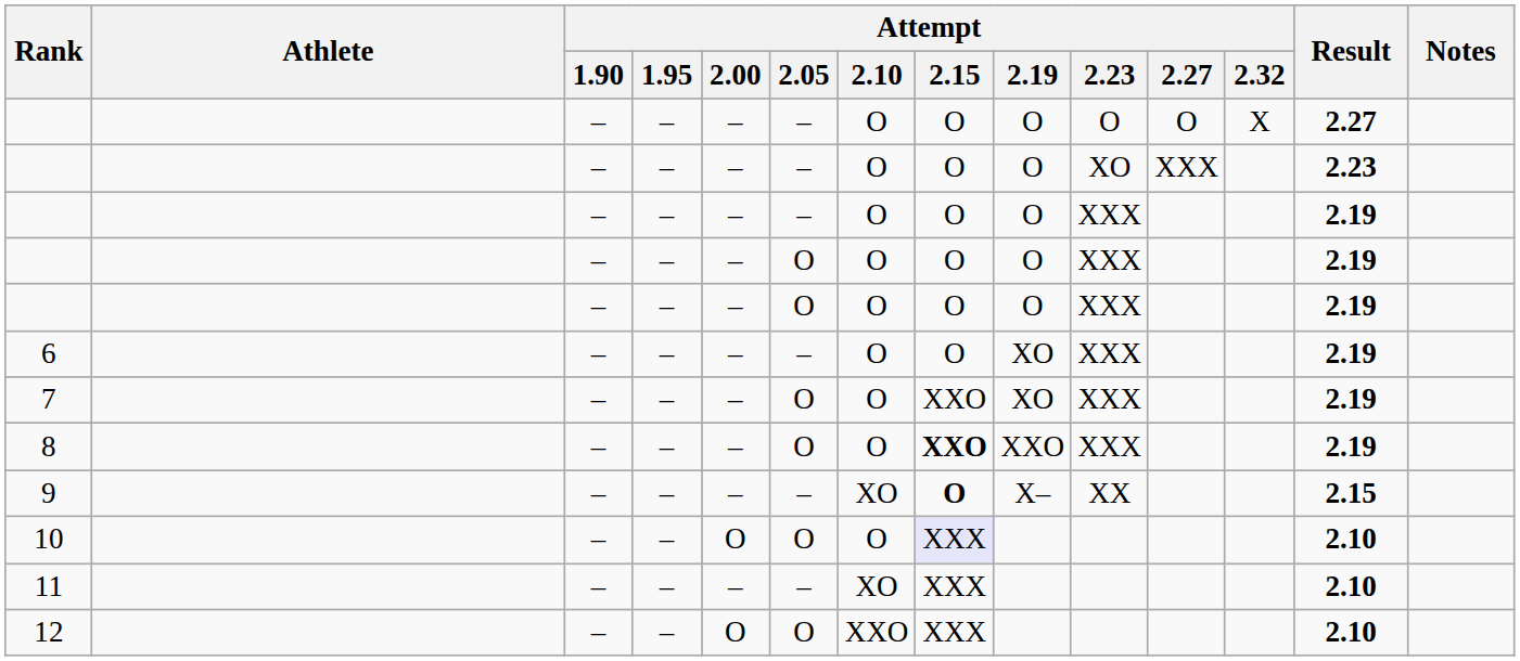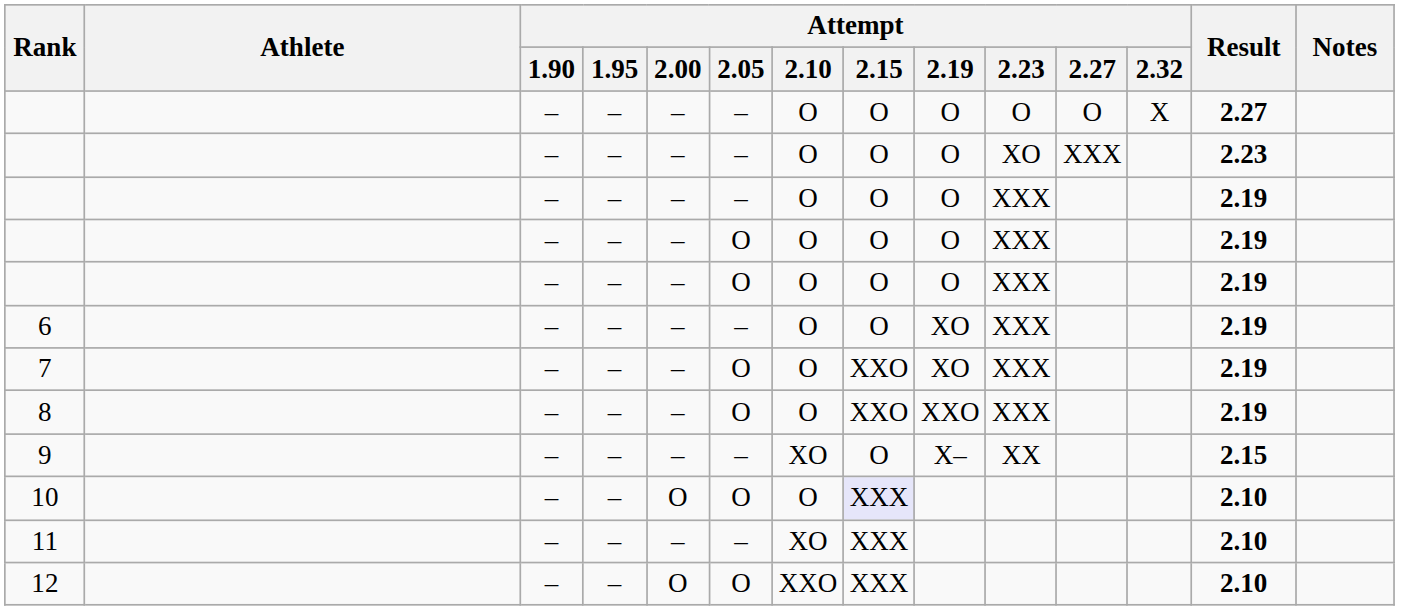 <table class="wikitable" style="text-align:center">
 <tr>
 <th rowspan=2 width=40>Rank</th>
 <th rowspan=2 width=250>Athlete</th>
 <th colspan=10>Attempt</th>
 <th rowspan=2 width=55>Result</th>
 <th rowspan=2 width=50>Notes</th>
 </tr>
 <tr>
 <th width=30>1.90</th>
 <th width=30>1.95</th>
 <th width=30>2.00</th>
 <th width=30>2.05</th>
 <th width=30>2.10</th>
 <th width=30>2.15</th>
 <th width=30>2.19</th>
 <th width=30>2.23</th>
 <th width=30>2.27</th>
 <th width=30>2.32</th>
 </tr>
 <tr>
 <td></td>
 <td align=left></td>
 <td>–</td>
 <td>–</td>
 <td>–</td>
 <td>–</td>
 <td>O</td>
 <td>O</td>
 <td>O</td>
 <td>O</td>
 <td>O</td>
 <td>X</td>
 <td><strong>2.27</strong></td>
 <td></td>
 </tr>
 <tr>
 <td></td>
 <td align=left></td>
 <td>–</td>
 <td>–</td>
 <td>–</td>
 <td>–</td>
 <td>O</td>
 <td>O</td>
 <td>O</td>
 <td>XO</td>
 <td>XXX</td>
 <td></td>
 <td><strong>2.23</strong></td>
 <td></td>
 </tr>
 <tr>
 <td></td>
 <td align=left></td>
 <td>–</td>
 <td>–</td>
 <td>–</td>
 <td>–</td>
 <td>O</td>
 <td>O</td>
 <td>O</td>
 <td>XXX</td>
 <td></td>
 <td></td>
 <td><strong>2.19</strong></td>
 <td></td>
 </tr>
 <tr>
 <td></td>
 <td align=left></td>
 <td>–</td>
 <td>–</td>
 <td>–</td>
 <td>O</td>
 <td>O</td>
 <td>O</td>
 <td>O</td>
 <td>XXX</td>
 <td></td>
 <td></td>
 <td><strong>2.19</strong></td>
 <td></td>
 </tr>
 <tr>
 <td></td>
 <td align=left></td>
 <td>–</td>
 <td>–</td>
 <td>–</td>
 <td>O</td>
 <td>O</td>
 <td>O</td>
 <td>O</td>
 <td>XXX</td>
 <td></td>
 <td></td>
 <td><strong>2.19</strong></td>
 <td></td>
 </tr>
 <tr>
 <td>6</td>
 <td align=left></td>
 <td>–</td>
 <td>–</td>
 <td>–</td>
 <td>–</td>
 <td>O</td>
 <td>O</td>
 <td>XO</td>
 <td>XXX</td>
 <td></td>
 <td></td>
 <td><strong>2.19</strong></td>
 <td></td>
 </tr>
 <tr>
 <td>7</td>
 <td align=left></td>
 <td>–</td>
 <td>–</td>
 <td>–</td>
 <td>O</td>
 <td>O</td>
 <td>XXO</td>
 <td>XO</td>
 <td>XXX</td>
 <td></td>
 <td></td>
 <td><strong>2.19</strong></td>
 <td></td>
 </tr>
 <tr>
 <td>8</td>
 <td align=left></td>
 <td>–</td>
 <td>–</td>
 <td>–</td>
 <td>O</td>
 <td>O</td>
-<td><strong>XXO</strong></td>
+<td>XXO</td>
 <td>XXO</td>
 <td>XXX</td>
 <td></td>
 <td></td>
 <td><strong>2.19</strong></td>
 <td></td>
 </tr>
 <tr>
 <td>9</td>
 <td align=left></td>
 <td>–</td>
 <td>–</td>
 <td>–</td>
 <td>–</td>
 <td>XO</td>
-<td><strong>O</strong></td>
+<td>O</td>
 <td>X–</td>
 <td>XX</td>
 <td></td>
 <td></td>
 <td><strong>2.15</strong></td>
 <td></td>
 </tr>
 <tr>
 <td>10</td>
 <td align=left></td>
 <td>–</td>
 <td>–</td>
 <td>O</td>
 <td>O</td>
 <td>O</td>
 <td style="background: lavender;">XXX</td>
 <td></td>
 <td></td>
 <td></td>
 <td></td>
 <td><strong>2.10</strong></td>
 <td></td>
 </tr>
 <tr>
 <td>11</td>
 <td align=left></td>
 <td>–</td>
 <td>–</td>
 <td>–</td>
 <td>–</td>
 <td>XO</td>
 <td>XXX</td>
 <td></td>
 <td></td>
 <td></td>
 <td></td>
 <td><strong>2.10</strong></td>
 <td></td>
 </tr>
 <tr>
 <td>12</td>
 <td align=left></td>
 <td>–</td>
 <td>–</td>
 <td>O</td>
 <td>O</td>
 <td>XXO</td>
 <td>XXX</td>
 <td></td>
 <td></td>
 <td></td>
 <td></td>
 <td><strong>2.10</strong></td>
 <td></td>
 </tr>
 </table>
